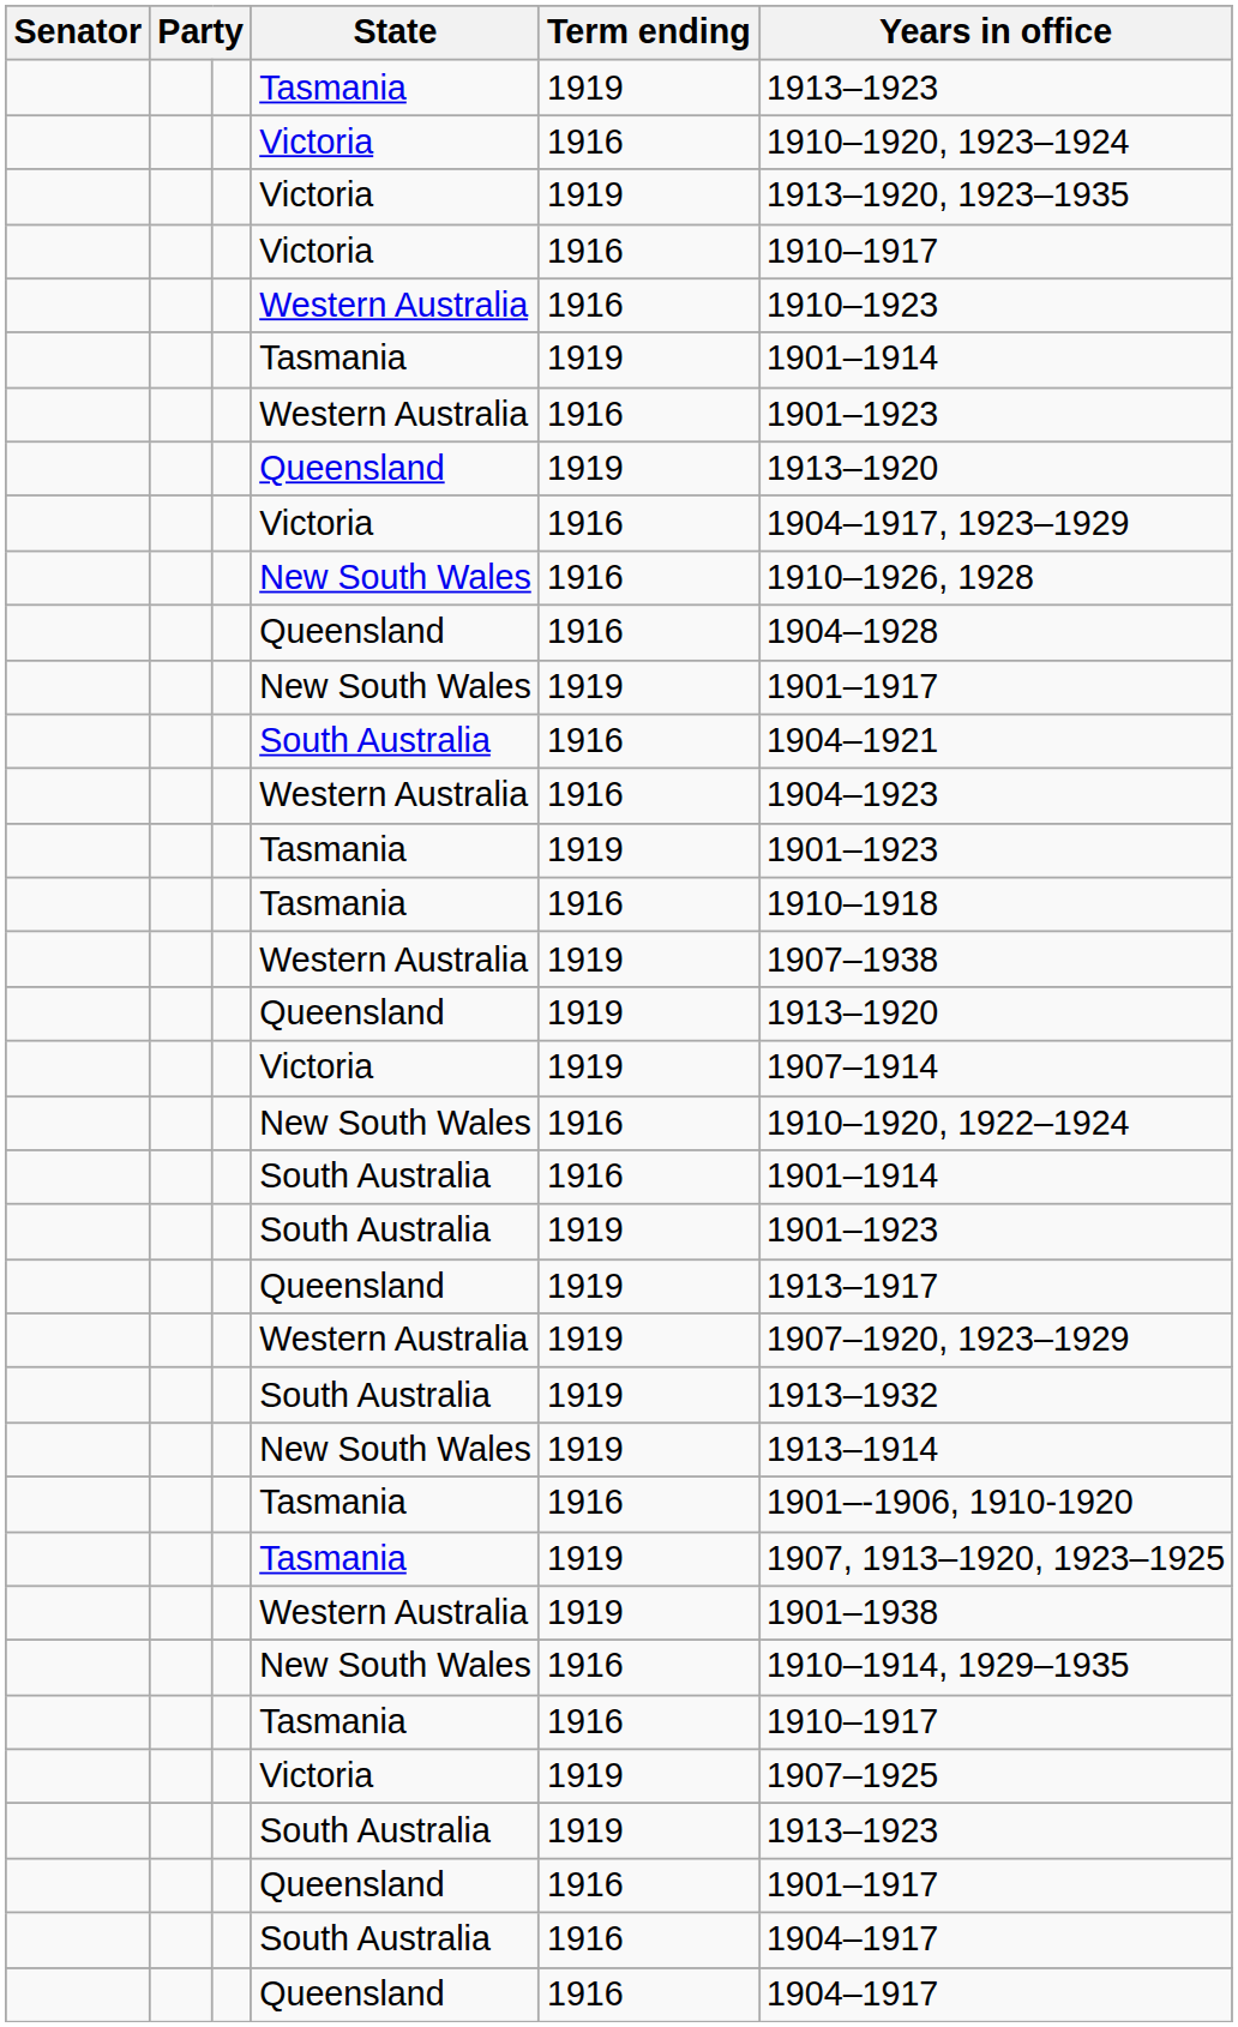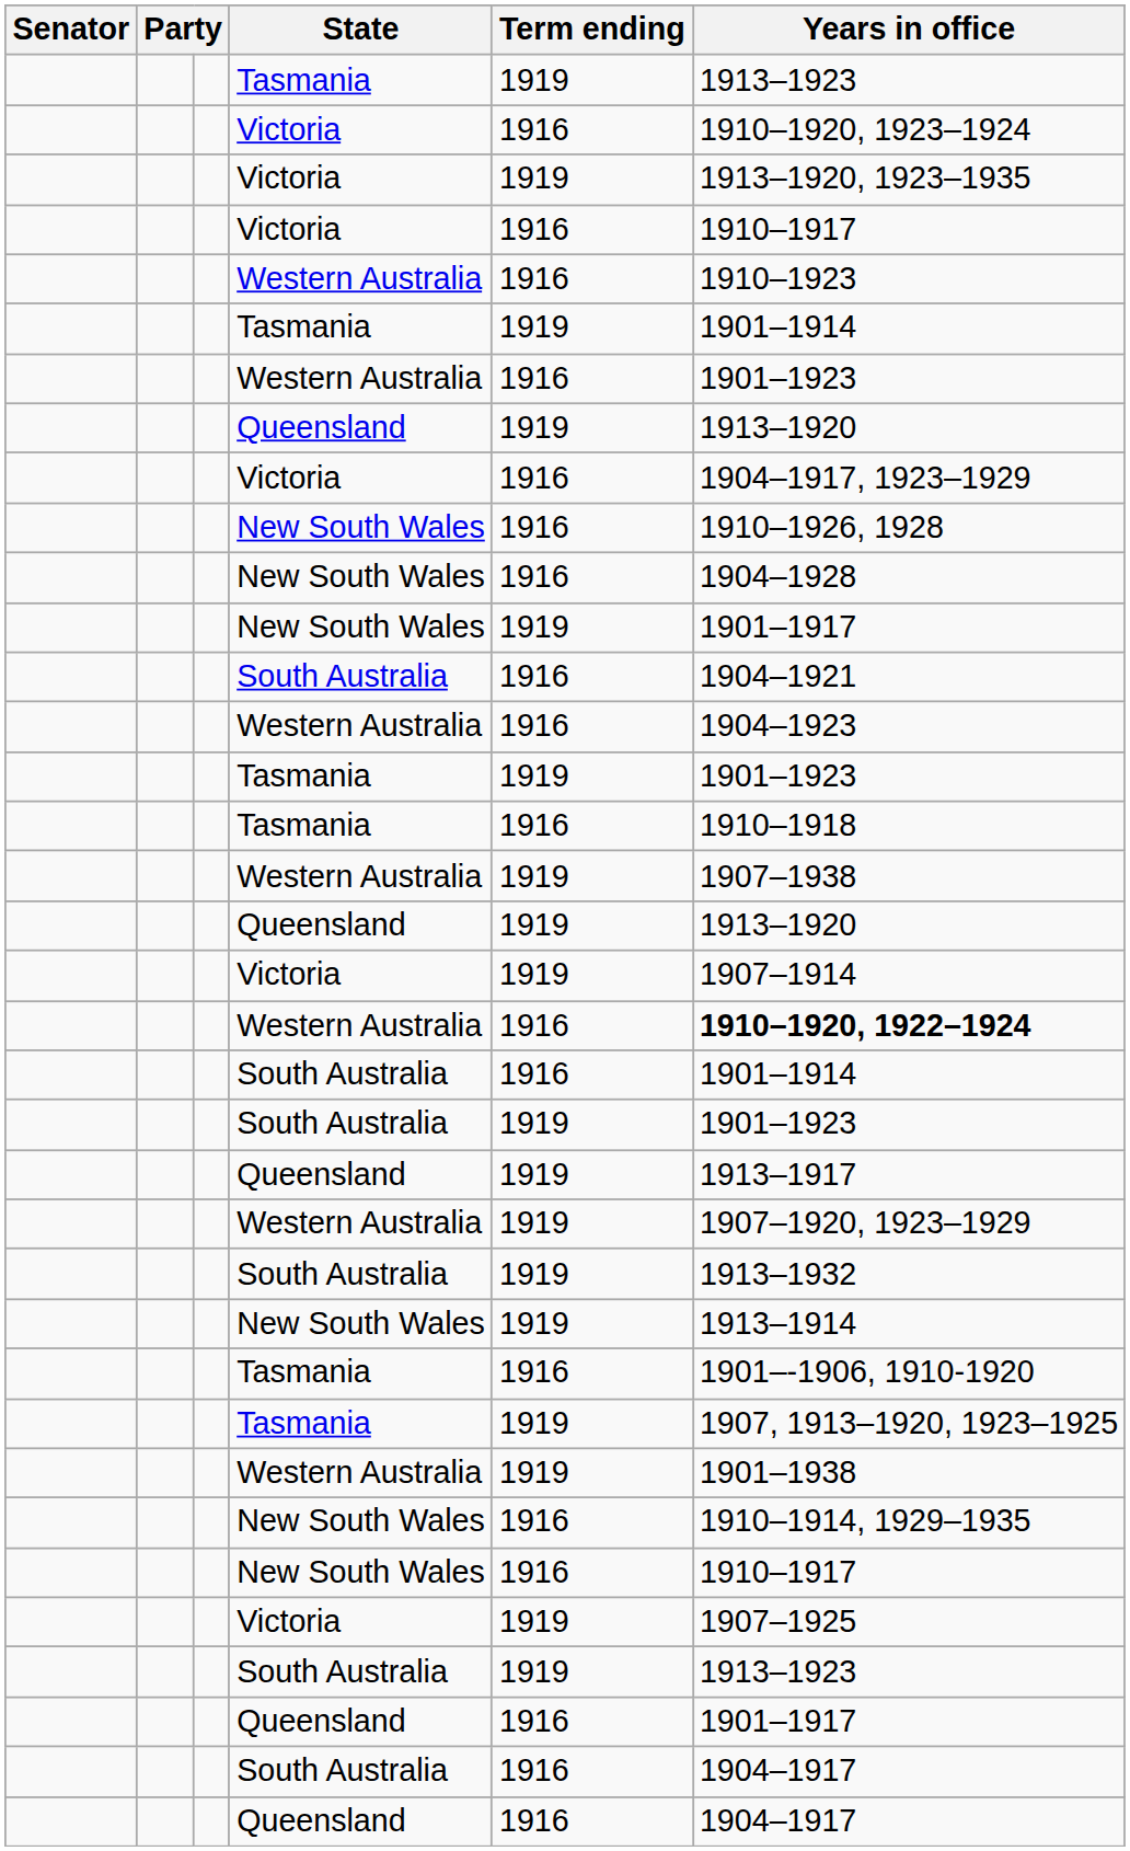 <table class="wikitable sortable">
 <tr>
 <th>Senator</th>
 <th colspan=2>Party</th>
 <th>State</th>
 <th>Term ending</th>
 <th>Years in office</th>
 </tr>
 <tr>
 <td></td>
 <td> </td>
 <td></td>
 <td><a href='#'>Tasmania</a></td>
 <td>1919</td>
 <td>1913–1923</td>
 </tr>
 <tr>
 <td></td>
 <td> </td>
 <td></td>
 <td><a href='#'>Victoria</a></td>
 <td>1916</td>
 <td>1910–1920, 1923–1924</td>
 </tr>
 <tr>
 <td></td>
 <td> </td>
 <td></td>
 <td>Victoria</td>
 <td>1919</td>
 <td>1913–1920, 1923–1935</td>
 </tr>
 <tr>
 <td></td>
 <td> </td>
 <td></td>
 <td>Victoria</td>
 <td>1916</td>
 <td>1910–1917</td>
 </tr>
 <tr>
 <td></td>
 <td> </td>
 <td></td>
 <td><a href='#'>Western Australia</a></td>
 <td>1916</td>
 <td>1910–1923</td>
 </tr>
 <tr>
 <td></td>
 <td> </td>
 <td></td>
 <td>Tasmania</td>
 <td>1919</td>
 <td>1901–1914</td>
 </tr>
 <tr>
 <td></td>
 <td> </td>
 <td></td>
 <td>Western Australia</td>
 <td>1916</td>
 <td>1901–1923</td>
 </tr>
 <tr>
 <td></td>
 <td> </td>
 <td></td>
 <td><a href='#'>Queensland</a></td>
 <td>1919</td>
 <td>1913–1920</td>
 </tr>
 <tr>
 <td></td>
 <td> </td>
 <td></td>
 <td>Victoria</td>
 <td>1916</td>
 <td>1904–1917, 1923–1929</td>
 </tr>
 <tr>
 <td></td>
 <td> </td>
 <td></td>
 <td><a href='#'>New South Wales</a></td>
 <td>1916</td>
 <td>1910–1926, 1928</td>
 </tr>
 <tr>
 <td></td>
 <td> </td>
 <td></td>
-<td>Queensland</td>
+<td>New South Wales</td>
 <td>1916</td>
 <td>1904–1928</td>
 </tr>
 <tr>
 <td></td>
 <td> </td>
 <td></td>
 <td>New South Wales</td>
 <td>1919</td>
 <td>1901–1917</td>
 </tr>
 <tr>
 <td></td>
 <td> </td>
 <td></td>
 <td><a href='#'>South Australia</a></td>
 <td>1916</td>
 <td>1904–1921</td>
 </tr>
 <tr>
 <td></td>
 <td> </td>
 <td></td>
 <td>Western Australia</td>
 <td>1916</td>
 <td>1904–1923</td>
 </tr>
 <tr>
 <td></td>
 <td> </td>
 <td></td>
 <td>Tasmania</td>
 <td>1919</td>
 <td>1901–1923</td>
 </tr>
 <tr>
 <td></td>
 <td> </td>
 <td></td>
 <td>Tasmania</td>
 <td>1916</td>
 <td>1910–1918</td>
 </tr>
 <tr>
 <td></td>
 <td> </td>
 <td></td>
 <td>Western Australia</td>
 <td>1919</td>
 <td>1907–1938</td>
 </tr>
 <tr>
 <td></td>
 <td> </td>
 <td></td>
 <td>Queensland</td>
 <td>1919</td>
 <td>1913–1920</td>
 </tr>
 <tr>
 <td></td>
 <td> </td>
 <td></td>
 <td>Victoria</td>
 <td>1919</td>
 <td>1907–1914</td>
 </tr>
 <tr>
 <td></td>
 <td> </td>
 <td></td>
-<td>New South Wales</td>
+<td>Western Australia</td>
 <td>1916</td>
-<td>1910–1920, 1922–1924</td>
+<td><strong>1910–1920, 1922–1924</strong></td>
 </tr>
 <tr>
 <td></td>
 <td> </td>
 <td></td>
 <td>South Australia</td>
 <td>1916</td>
 <td>1901–1914</td>
 </tr>
 <tr>
 <td></td>
 <td> </td>
 <td></td>
 <td>South Australia</td>
 <td>1919</td>
 <td>1901–1923</td>
 </tr>
 <tr>
 <td></td>
 <td> </td>
 <td></td>
 <td>Queensland</td>
 <td>1919</td>
 <td>1913–1917</td>
 </tr>
 <tr>
 <td></td>
 <td> </td>
 <td></td>
 <td>Western Australia</td>
 <td>1919</td>
 <td>1907–1920, 1923–1929</td>
 </tr>
 <tr>
 <td></td>
 <td> </td>
 <td></td>
 <td>South Australia</td>
 <td>1919</td>
 <td>1913–1932</td>
 </tr>
 <tr>
 <td></td>
 <td> </td>
 <td></td>
 <td>New South Wales</td>
 <td>1919</td>
 <td>1913–1914</td>
 </tr>
 <tr>
 <td></td>
 <td> </td>
 <td></td>
 <td>Tasmania</td>
 <td>1916</td>
 <td>1901–-1906, 1910-1920</td>
 </tr>
 <tr>
 <td></td>
 <td> </td>
 <td></td>
 <td><a href='#'>Tasmania</a></td>
 <td>1919</td>
 <td>1907, 1913–1920, 1923–1925</td>
 </tr>
 <tr>
 <td></td>
 <td> </td>
 <td></td>
 <td>Western Australia</td>
 <td>1919</td>
 <td>1901–1938</td>
 </tr>
 <tr>
 <td></td>
 <td> </td>
 <td></td>
 <td>New South Wales</td>
 <td>1916</td>
 <td>1910–1914, 1929–1935</td>
 </tr>
 <tr>
 <td></td>
 <td> </td>
 <td></td>
-<td>Tasmania</td>
+<td>New South Wales</td>
 <td>1916</td>
 <td>1910–1917</td>
 </tr>
 <tr>
 <td></td>
 <td> </td>
 <td></td>
 <td>Victoria</td>
 <td>1919</td>
 <td>1907–1925</td>
 </tr>
 <tr>
 <td></td>
 <td> </td>
 <td></td>
 <td>South Australia</td>
 <td>1919</td>
 <td>1913–1923</td>
 </tr>
 <tr>
 <td></td>
 <td> </td>
 <td></td>
 <td>Queensland</td>
 <td>1916</td>
 <td>1901–1917</td>
 </tr>
 <tr>
 <td></td>
 <td> </td>
 <td></td>
 <td>South Australia</td>
 <td>1916</td>
 <td>1904–1917</td>
 </tr>
 <tr>
 <td></td>
 <td> </td>
 <td></td>
 <td>Queensland</td>
 <td>1916</td>
 <td>1904–1917</td>
 </tr>
 </table>
